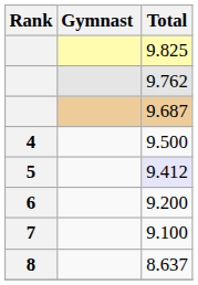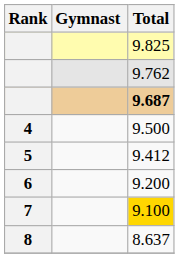 <table class="wikitable sortable" style="text-align:center; font-size:95%">
 <tr>
 <th scope=col>Rank</th>
 <th scope=col>Gymnast </th>
 <th scope=col>Total</th>
 </tr>
 <tr bgcolor=fffcaf>
 <th scope=row style="text-align:center"></th>
 <td align=left> </td>
 <td>9.825</td>
 </tr>
 <tr bgcolor=e5e5e5>
 <th scope=row style="text-align:center"></th>
 <td align=left> </td>
 <td>9.762</td>
 </tr>
 <tr bgcolor=eecc99>
 <th scope=row style="text-align:center"></th>
 <td align=left> </td>
-<td>9.687</td>
+<td><strong>9.687</strong></td>
 </tr>
 <tr>
 <th scope=row style="text-align:center">4</th>
 <td align=left> </td>
 <td>9.500</td>
 </tr>
 <tr>
 <th scope=row style="text-align:center">5</th>
 <td align=left> </td>
-<td style="background: lavender;">9.412</td>
+<td>9.412</td>
 </tr>
 <tr>
 <th scope=row style="text-align:center">6</th>
 <td align=left> </td>
 <td>9.200</td>
 </tr>
 <tr>
 <th scope=row style="text-align:center">7</th>
 <td align=left> </td>
-<td>9.100</td>
+<td style="background: gold;">9.100</td>
 </tr>
 <tr>
 <th scope=row style="text-align:center">8</th>
 <td align=left> </td>
 <td>8.637</td>
 </tr>
 <tr>
 </tr>
 </table>
